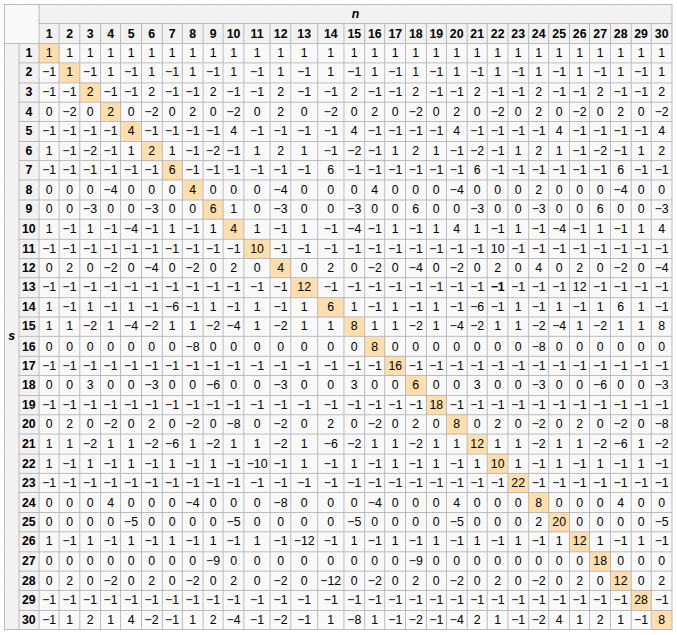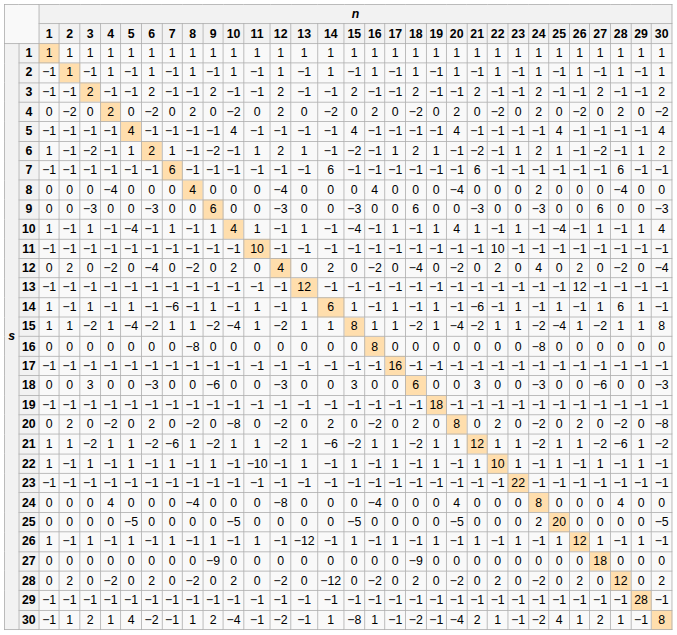 <table class="wikitable" style="text-align:center">
 <tr>
 <td colspan="2" rowspan="2"></td>
 <th colspan="30"><em>n</em></th>
 </tr>
 <tr>
 <th width="25">1</th>
 <th width="25">2</th>
 <th width="25">3</th>
 <th width="25">4</th>
 <th width="25">5</th>
 <th width="25">6</th>
 <th width="25">7</th>
 <th width="25">8</th>
 <th width="25">9</th>
 <th width="25">10</th>
 <th width="25">11</th>
 <th width="25">12</th>
 <th width="25">13</th>
 <th width="25">14</th>
 <th width="25">15</th>
 <th width="25">16</th>
 <th width="25">17</th>
 <th width="25">18</th>
 <th width="25">19</th>
 <th width="25">20</th>
 <th width="25">21</th>
 <th width="25">22</th>
 <th width="25">23</th>
 <th width="25">24</th>
 <th width="25">25</th>
 <th width="25">26</th>
 <th width="25">27</th>
 <th width="25">28</th>
 <th width="25">29</th>
 <th width="25">30</th>
 </tr>
 <tr>
 <th rowspan="30" width="25"><em>s</em></th>
 <th width="25">1</th>
 <td style="background:#ffdead;">1</td>
 <td>1</td>
 <td>1</td>
 <td>1</td>
 <td>1</td>
 <td>1</td>
 <td>1</td>
 <td>1</td>
 <td>1</td>
 <td>1</td>
 <td>1</td>
 <td>1</td>
 <td>1</td>
 <td>1</td>
 <td>1</td>
 <td>1</td>
 <td>1</td>
 <td>1</td>
 <td>1</td>
 <td>1</td>
 <td>1</td>
 <td>1</td>
 <td>1</td>
 <td>1</td>
 <td>1</td>
 <td>1</td>
 <td>1</td>
 <td>1</td>
 <td>1</td>
 <td>1</td>
 </tr>
 <tr>
 <th>2</th>
 <td>−1</td>
 <td style="background:#ffdead;">1</td>
 <td>−1</td>
 <td>1</td>
 <td>−1</td>
 <td>1</td>
 <td>−1</td>
 <td>1</td>
 <td>−1</td>
 <td>1</td>
 <td>−1</td>
 <td>1</td>
 <td>−1</td>
 <td>1</td>
 <td>−1</td>
 <td>1</td>
 <td>−1</td>
 <td>1</td>
 <td>−1</td>
 <td>1</td>
 <td>−1</td>
 <td>1</td>
 <td>−1</td>
 <td>1</td>
 <td>−1</td>
 <td>1</td>
 <td>−1</td>
 <td>1</td>
 <td>−1</td>
 <td>1</td>
 </tr>
 <tr>
 <th>3</th>
 <td>−1</td>
 <td>−1</td>
 <td style="background:#ffdead;">2</td>
 <td>−1</td>
 <td>−1</td>
 <td>2</td>
 <td>−1</td>
 <td>−1</td>
 <td>2</td>
 <td>−1</td>
 <td>−1</td>
 <td>2</td>
 <td>−1</td>
 <td>−1</td>
 <td>2</td>
 <td>−1</td>
 <td>−1</td>
 <td>2</td>
 <td>−1</td>
 <td>−1</td>
 <td>2</td>
 <td>−1</td>
 <td>−1</td>
 <td>2</td>
 <td>−1</td>
 <td>−1</td>
 <td>2</td>
 <td>−1</td>
 <td>−1</td>
 <td>2</td>
 </tr>
 <tr>
 <th>4</th>
 <td>0</td>
 <td>−2</td>
 <td>0</td>
 <td style="background:#ffdead;">2</td>
 <td>0</td>
 <td>−2</td>
 <td>0</td>
 <td>2</td>
 <td>0</td>
 <td>−2</td>
 <td>0</td>
 <td>2</td>
 <td>0</td>
 <td>−2</td>
 <td>0</td>
 <td>2</td>
 <td>0</td>
 <td>−2</td>
 <td>0</td>
 <td>2</td>
 <td>0</td>
 <td>−2</td>
 <td>0</td>
 <td>2</td>
 <td>0</td>
 <td>−2</td>
 <td>0</td>
 <td>2</td>
 <td>0</td>
 <td>−2</td>
 </tr>
 <tr>
 <th>5</th>
 <td>−1</td>
 <td>−1</td>
 <td>−1</td>
 <td>−1</td>
 <td style="background:#ffdead;">4</td>
 <td>−1</td>
 <td>−1</td>
 <td>−1</td>
 <td>−1</td>
 <td>4</td>
 <td>−1</td>
 <td>−1</td>
 <td>−1</td>
 <td>−1</td>
 <td>4</td>
 <td>−1</td>
 <td>−1</td>
 <td>−1</td>
 <td>−1</td>
 <td>4</td>
 <td>−1</td>
 <td>−1</td>
 <td>−1</td>
 <td>−1</td>
 <td>4</td>
 <td>−1</td>
 <td>−1</td>
 <td>−1</td>
 <td>−1</td>
 <td>4</td>
 </tr>
 <tr>
 <th>6</th>
 <td>1</td>
 <td>−1</td>
 <td>−2</td>
 <td>−1</td>
 <td>1</td>
 <td style="background:#ffdead;">2</td>
 <td>1</td>
 <td>−1</td>
 <td>−2</td>
 <td>−1</td>
 <td>1</td>
 <td>2</td>
 <td>1</td>
 <td>−1</td>
 <td>−2</td>
 <td>−1</td>
 <td>1</td>
 <td>2</td>
 <td>1</td>
 <td>−1</td>
 <td>−2</td>
 <td>−1</td>
 <td>1</td>
 <td>2</td>
 <td>1</td>
 <td>−1</td>
 <td>−2</td>
 <td>−1</td>
 <td>1</td>
 <td>2</td>
 </tr>
 <tr>
 <th>7</th>
 <td>−1</td>
 <td>−1</td>
 <td>−1</td>
 <td>−1</td>
 <td>−1</td>
 <td>−1</td>
 <td style="background:#ffdead;">6</td>
 <td>−1</td>
 <td>−1</td>
 <td>−1</td>
 <td>−1</td>
 <td>−1</td>
 <td>−1</td>
 <td>6</td>
 <td>−1</td>
 <td>−1</td>
 <td>−1</td>
 <td>−1</td>
 <td>−1</td>
 <td>−1</td>
 <td>6</td>
 <td>−1</td>
 <td>−1</td>
 <td>−1</td>
 <td>−1</td>
 <td>−1</td>
 <td>−1</td>
 <td>6</td>
 <td>−1</td>
 <td>−1</td>
 </tr>
 <tr>
 <th>8</th>
 <td>0</td>
 <td>0</td>
 <td>0</td>
 <td>−4</td>
 <td>0</td>
 <td>0</td>
 <td>0</td>
 <td style="background:#ffdead;">4</td>
 <td>0</td>
 <td>0</td>
 <td>0</td>
 <td>−4</td>
 <td>0</td>
 <td>0</td>
 <td>0</td>
 <td>4</td>
 <td>0</td>
 <td>0</td>
 <td>0</td>
 <td>−4</td>
 <td>0</td>
 <td>0</td>
 <td>0</td>
 <td>2</td>
 <td>0</td>
 <td>0</td>
 <td>0</td>
 <td>−4</td>
 <td>0</td>
 <td>0</td>
 </tr>
 <tr>
 <th>9</th>
 <td>0</td>
 <td>0</td>
 <td>−3</td>
 <td>0</td>
 <td>0</td>
 <td>−3</td>
 <td>0</td>
 <td>0</td>
 <td style="background:#ffdead;">6</td>
-<td>1</td>
+<td>0</td>
 <td>0</td>
 <td>−3</td>
 <td>0</td>
 <td>0</td>
 <td>−3</td>
 <td>0</td>
 <td>0</td>
 <td>6</td>
 <td>0</td>
 <td>0</td>
 <td>−3</td>
 <td>0</td>
 <td>0</td>
 <td>−3</td>
 <td>0</td>
 <td>0</td>
 <td>6</td>
 <td>0</td>
 <td>0</td>
 <td>−3</td>
 </tr>
 <tr>
 <th>10</th>
 <td>1</td>
 <td>−1</td>
 <td>1</td>
 <td>−1</td>
 <td>−4</td>
 <td>−1</td>
 <td>1</td>
 <td>−1</td>
 <td>1</td>
 <td style="background:#ffdead;">4</td>
 <td>1</td>
 <td>−1</td>
 <td>1</td>
 <td>−1</td>
 <td>−4</td>
 <td>−1</td>
 <td>1</td>
 <td>−1</td>
 <td>1</td>
 <td>4</td>
 <td>1</td>
 <td>−1</td>
 <td>1</td>
 <td>−1</td>
 <td>−4</td>
 <td>−1</td>
 <td>1</td>
 <td>−1</td>
 <td>1</td>
 <td>4</td>
 </tr>
 <tr>
 <th>11</th>
 <td>−1</td>
 <td>−1</td>
 <td>−1</td>
 <td>−1</td>
 <td>−1</td>
 <td>−1</td>
 <td>−1</td>
 <td>−1</td>
 <td>−1</td>
 <td>−1</td>
 <td style="background:#ffdead;">10</td>
 <td>−1</td>
 <td>−1</td>
 <td>−1</td>
 <td>−1</td>
 <td>−1</td>
 <td>−1</td>
 <td>−1</td>
 <td>−1</td>
 <td>−1</td>
 <td>−1</td>
 <td>10</td>
 <td>−1</td>
 <td>−1</td>
 <td>−1</td>
 <td>−1</td>
 <td>−1</td>
 <td>−1</td>
 <td>−1</td>
 <td>−1</td>
 </tr>
 <tr>
 <th>12</th>
 <td>0</td>
 <td>2</td>
 <td>0</td>
 <td>−2</td>
 <td>0</td>
 <td>−4</td>
 <td>0</td>
 <td>−2</td>
 <td>0</td>
 <td>2</td>
 <td>0</td>
 <td style="background:#ffdead;">4</td>
 <td>0</td>
 <td>2</td>
 <td>0</td>
 <td>−2</td>
 <td>0</td>
 <td>−4</td>
 <td>0</td>
 <td>−2</td>
 <td>0</td>
 <td>2</td>
 <td>0</td>
 <td>4</td>
 <td>0</td>
 <td>2</td>
 <td>0</td>
 <td>−2</td>
 <td>0</td>
 <td>−4</td>
 </tr>
 <tr>
 <th>13</th>
 <td>−1</td>
 <td>−1</td>
 <td>−1</td>
 <td>−1</td>
 <td>−1</td>
 <td>−1</td>
 <td>−1</td>
 <td>−1</td>
 <td>−1</td>
 <td>−1</td>
 <td>−1</td>
 <td>−1</td>
 <td style="background:#ffdead;">12</td>
 <td>−1</td>
 <td>−1</td>
 <td>−1</td>
 <td>−1</td>
 <td>−1</td>
 <td>−1</td>
 <td>−1</td>
 <td>−1</td>
-<td><strong>−1</strong></td>
+<td>−1</td>
 <td>−1</td>
 <td>−1</td>
 <td>−1</td>
 <td>12</td>
 <td>−1</td>
 <td>−1</td>
 <td>−1</td>
 <td>−1</td>
 </tr>
 <tr>
 <th>14</th>
 <td>1</td>
 <td>−1</td>
 <td>1</td>
 <td>−1</td>
 <td>1</td>
 <td>−1</td>
 <td>−6</td>
 <td>−1</td>
 <td>1</td>
 <td>−1</td>
 <td>1</td>
 <td>−1</td>
 <td>1</td>
 <td style="background:#ffdead;">6</td>
 <td>1</td>
 <td>−1</td>
 <td>1</td>
 <td>−1</td>
 <td>1</td>
 <td>−1</td>
 <td>−6</td>
 <td>−1</td>
 <td>1</td>
 <td>−1</td>
 <td>1</td>
 <td>−1</td>
 <td>1</td>
 <td>6</td>
 <td>1</td>
 <td>−1</td>
 </tr>
 <tr>
 <th>15</th>
 <td>1</td>
 <td>1</td>
 <td>−2</td>
 <td>1</td>
 <td>−4</td>
 <td>−2</td>
 <td>1</td>
 <td>1</td>
 <td>−2</td>
 <td>−4</td>
 <td>1</td>
 <td>−2</td>
 <td>1</td>
 <td>1</td>
 <td style="background:#ffdead;">8</td>
 <td>1</td>
 <td>1</td>
 <td>−2</td>
 <td>1</td>
 <td>−4</td>
 <td>−2</td>
 <td>1</td>
 <td>1</td>
 <td>−2</td>
 <td>−4</td>
 <td>1</td>
 <td>−2</td>
 <td>1</td>
 <td>1</td>
 <td>8</td>
 </tr>
 <tr>
 <th>16</th>
 <td>0</td>
 <td>0</td>
 <td>0</td>
 <td>0</td>
 <td>0</td>
 <td>0</td>
 <td>0</td>
 <td>−8</td>
 <td>0</td>
 <td>0</td>
 <td>0</td>
 <td>0</td>
 <td>0</td>
 <td>0</td>
 <td>0</td>
 <td style="background:#ffdead;">8</td>
 <td>0</td>
 <td>0</td>
 <td>0</td>
 <td>0</td>
 <td>0</td>
 <td>0</td>
 <td>0</td>
 <td>−8</td>
 <td>0</td>
 <td>0</td>
 <td>0</td>
 <td>0</td>
 <td>0</td>
 <td>0</td>
 </tr>
 <tr>
 <th>17</th>
 <td>−1</td>
 <td>−1</td>
 <td>−1</td>
 <td>−1</td>
 <td>−1</td>
 <td>−1</td>
 <td>−1</td>
 <td>−1</td>
 <td>−1</td>
 <td>−1</td>
 <td>−1</td>
 <td>−1</td>
 <td>−1</td>
 <td>−1</td>
 <td>−1</td>
 <td>−1</td>
 <td style="background:#ffdead;">16</td>
 <td>−1</td>
 <td>−1</td>
 <td>−1</td>
 <td>−1</td>
 <td>−1</td>
 <td>−1</td>
 <td>−1</td>
 <td>−1</td>
 <td>−1</td>
 <td>−1</td>
 <td>−1</td>
 <td>−1</td>
 <td>−1</td>
 </tr>
 <tr>
 <th>18</th>
 <td>0</td>
 <td>0</td>
 <td>3</td>
 <td>0</td>
 <td>0</td>
 <td>−3</td>
 <td>0</td>
 <td>0</td>
 <td>−6</td>
 <td>0</td>
 <td>0</td>
 <td>−3</td>
 <td>0</td>
 <td>0</td>
 <td>3</td>
 <td>0</td>
 <td>0</td>
 <td style="background:#ffdead;">6</td>
 <td>0</td>
 <td>0</td>
 <td>3</td>
 <td>0</td>
 <td>0</td>
 <td>−3</td>
 <td>0</td>
 <td>0</td>
 <td>−6</td>
 <td>0</td>
 <td>0</td>
 <td>−3</td>
 </tr>
 <tr>
 <th>19</th>
 <td>−1</td>
 <td>−1</td>
 <td>−1</td>
 <td>−1</td>
 <td>−1</td>
 <td>−1</td>
 <td>−1</td>
 <td>−1</td>
 <td>−1</td>
 <td>−1</td>
 <td>−1</td>
 <td>−1</td>
 <td>−1</td>
 <td>−1</td>
 <td>−1</td>
 <td>−1</td>
 <td>−1</td>
 <td>−1</td>
 <td style="background:#ffdead;">18</td>
 <td>−1</td>
 <td>−1</td>
 <td>−1</td>
 <td>−1</td>
 <td>−1</td>
 <td>−1</td>
 <td>−1</td>
 <td>−1</td>
 <td>−1</td>
 <td>−1</td>
 <td>−1</td>
 </tr>
 <tr>
 <th>20</th>
 <td>0</td>
 <td>2</td>
 <td>0</td>
 <td>−2</td>
 <td>0</td>
 <td>2</td>
 <td>0</td>
 <td>−2</td>
 <td>0</td>
 <td>−8</td>
 <td>0</td>
 <td>−2</td>
 <td>0</td>
 <td>2</td>
 <td>0</td>
 <td>−2</td>
 <td>0</td>
 <td>2</td>
 <td>0</td>
 <td style="background:#ffdead;">8</td>
 <td>0</td>
 <td>2</td>
 <td>0</td>
 <td>−2</td>
 <td>0</td>
 <td>2</td>
 <td>0</td>
 <td>−2</td>
 <td>0</td>
 <td>−8</td>
 </tr>
 <tr>
 <th>21</th>
 <td>1</td>
 <td>1</td>
 <td>−2</td>
 <td>1</td>
 <td>1</td>
 <td>−2</td>
 <td>−6</td>
 <td>1</td>
 <td>−2</td>
 <td>1</td>
 <td>1</td>
 <td>−2</td>
 <td>1</td>
 <td>−6</td>
 <td>−2</td>
 <td>1</td>
 <td>1</td>
 <td>−2</td>
 <td>1</td>
 <td>1</td>
 <td style="background:#ffdead;">12</td>
 <td>1</td>
 <td>1</td>
 <td>−2</td>
 <td>1</td>
 <td>1</td>
 <td>−2</td>
 <td>−6</td>
 <td>1</td>
 <td>−2</td>
 </tr>
 <tr>
 <th>22</th>
 <td>1</td>
 <td>−1</td>
 <td>1</td>
 <td>−1</td>
 <td>1</td>
 <td>−1</td>
 <td>1</td>
 <td>−1</td>
 <td>1</td>
 <td>−1</td>
 <td>−10</td>
 <td>−1</td>
 <td>1</td>
 <td>−1</td>
 <td>1</td>
 <td>−1</td>
 <td>1</td>
 <td>−1</td>
 <td>1</td>
 <td>−1</td>
 <td>1</td>
 <td style="background:#ffdead;">10</td>
 <td>1</td>
 <td>−1</td>
 <td>1</td>
 <td>−1</td>
 <td>1</td>
 <td>−1</td>
 <td>1</td>
 <td>−1</td>
 </tr>
 <tr>
 <th>23</th>
 <td>−1</td>
 <td>−1</td>
 <td>−1</td>
 <td>−1</td>
 <td>−1</td>
 <td>−1</td>
 <td>−1</td>
 <td>−1</td>
 <td>−1</td>
 <td>−1</td>
 <td>−1</td>
 <td>−1</td>
 <td>−1</td>
 <td>−1</td>
 <td>−1</td>
 <td>−1</td>
 <td>−1</td>
 <td>−1</td>
 <td>−1</td>
 <td>−1</td>
 <td>−1</td>
 <td>−1</td>
 <td style="background:#ffdead;">22</td>
 <td>−1</td>
 <td>−1</td>
 <td>−1</td>
 <td>−1</td>
 <td>−1</td>
 <td>−1</td>
 <td>−1</td>
 </tr>
 <tr>
 <th>24</th>
 <td>0</td>
 <td>0</td>
 <td>0</td>
 <td>4</td>
 <td>0</td>
 <td>0</td>
 <td>0</td>
 <td>−4</td>
 <td>0</td>
 <td>0</td>
 <td>0</td>
 <td>−8</td>
 <td>0</td>
 <td>0</td>
 <td>0</td>
 <td>−4</td>
 <td>0</td>
 <td>0</td>
 <td>0</td>
 <td>4</td>
 <td>0</td>
 <td>0</td>
 <td>0</td>
 <td style="background:#ffdead;">8</td>
 <td>0</td>
 <td>0</td>
 <td>0</td>
 <td>4</td>
 <td>0</td>
 <td>0</td>
 </tr>
 <tr>
 <th>25</th>
 <td>0</td>
 <td>0</td>
 <td>0</td>
 <td>0</td>
 <td>−5</td>
 <td>0</td>
 <td>0</td>
 <td>0</td>
 <td>0</td>
 <td>−5</td>
 <td>0</td>
 <td>0</td>
 <td>0</td>
 <td>0</td>
 <td>−5</td>
 <td>0</td>
 <td>0</td>
 <td>0</td>
 <td>0</td>
 <td>−5</td>
 <td>0</td>
 <td>0</td>
 <td>0</td>
 <td>2</td>
 <td style="background:#ffdead;">20</td>
 <td>0</td>
 <td>0</td>
 <td>0</td>
 <td>0</td>
 <td>−5</td>
 </tr>
 <tr>
 <th>26</th>
 <td>1</td>
 <td>−1</td>
 <td>1</td>
 <td>−1</td>
 <td>1</td>
 <td>−1</td>
 <td>1</td>
 <td>−1</td>
 <td>1</td>
 <td>−1</td>
 <td>1</td>
 <td>−1</td>
 <td>−12</td>
 <td>−1</td>
 <td>1</td>
 <td>−1</td>
 <td>1</td>
 <td>−1</td>
 <td>1</td>
 <td>−1</td>
 <td>1</td>
 <td>−1</td>
 <td>1</td>
 <td>−1</td>
 <td>1</td>
 <td style="background:#ffdead;">12</td>
 <td>1</td>
 <td>−1</td>
 <td>1</td>
 <td>−1</td>
 </tr>
 <tr>
 <th>27</th>
 <td>0</td>
 <td>0</td>
 <td>0</td>
 <td>0</td>
 <td>0</td>
 <td>0</td>
 <td>0</td>
 <td>0</td>
 <td>−9</td>
 <td>0</td>
 <td>0</td>
 <td>0</td>
 <td>0</td>
 <td>0</td>
 <td>0</td>
 <td>0</td>
 <td>0</td>
 <td>−9</td>
 <td>0</td>
 <td>0</td>
 <td>0</td>
 <td>0</td>
 <td>0</td>
 <td>0</td>
 <td>0</td>
 <td>0</td>
 <td style="background:#ffdead;">18</td>
 <td>0</td>
 <td>0</td>
 <td>0</td>
 </tr>
 <tr>
 <th>28</th>
 <td>0</td>
 <td>2</td>
 <td>0</td>
 <td>−2</td>
 <td>0</td>
 <td>2</td>
 <td>0</td>
 <td>−2</td>
 <td>0</td>
 <td>2</td>
 <td>0</td>
 <td>−2</td>
 <td>0</td>
 <td>−12</td>
 <td>0</td>
 <td>−2</td>
 <td>0</td>
 <td>2</td>
 <td>0</td>
 <td>−2</td>
 <td>0</td>
 <td>2</td>
 <td>0</td>
 <td>−2</td>
 <td>0</td>
 <td>2</td>
 <td>0</td>
 <td style="background:#ffdead;">12</td>
 <td>0</td>
 <td>2</td>
 </tr>
 <tr>
 <th>29</th>
 <td>−1</td>
 <td>−1</td>
 <td>−1</td>
 <td>−1</td>
 <td>−1</td>
 <td>−1</td>
 <td>−1</td>
 <td>−1</td>
 <td>−1</td>
 <td>−1</td>
 <td>−1</td>
 <td>−1</td>
 <td>−1</td>
 <td>−1</td>
 <td>−1</td>
 <td>−1</td>
 <td>−1</td>
 <td>−1</td>
 <td>−1</td>
 <td>−1</td>
 <td>−1</td>
 <td>−1</td>
 <td>−1</td>
 <td>−1</td>
 <td>−1</td>
 <td>−1</td>
 <td>−1</td>
 <td>−1</td>
 <td style="background:#ffdead;">28</td>
 <td>−1</td>
 </tr>
 <tr>
 <th>30</th>
 <td>−1</td>
 <td>1</td>
 <td>2</td>
 <td>1</td>
 <td>4</td>
 <td>−2</td>
 <td>−1</td>
 <td>1</td>
 <td>2</td>
 <td>−4</td>
 <td>−1</td>
 <td>−2</td>
 <td>−1</td>
 <td>1</td>
 <td>−8</td>
 <td>1</td>
 <td>−1</td>
 <td>−2</td>
 <td>−1</td>
 <td>−4</td>
 <td>2</td>
 <td>1</td>
 <td>−1</td>
 <td>−2</td>
 <td>4</td>
 <td>1</td>
 <td>2</td>
 <td>1</td>
 <td>−1</td>
 <td style="background:#ffdead;">8</td>
 </tr>
 </table>
